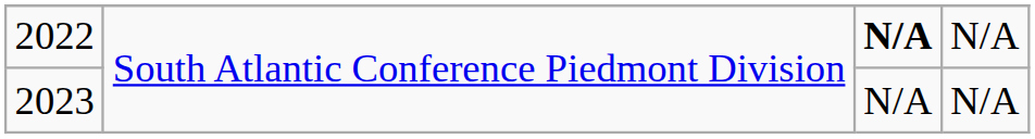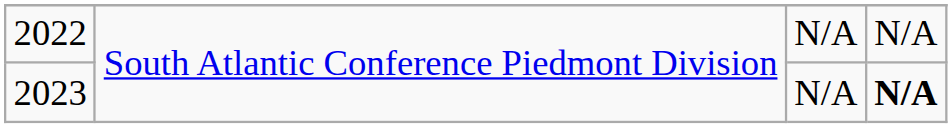 <table class="wikitable">
 <tr>
 </tr>
 <tr>
 <td>2022</td>
 <td rowspan="2"><a href='#'>South Atlantic Conference Piedmont Division</a></td>
-<td><strong>N/A</strong></td>
+<td>N/A</td>
 <td>N/A</td>
 </tr>
 <tr>
 <td>2023</td>
 <td>N/A</td>
-<td>N/A</td>
+<td><strong>N/A</strong></td>
 </tr>
 </table>
